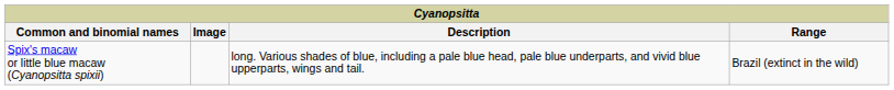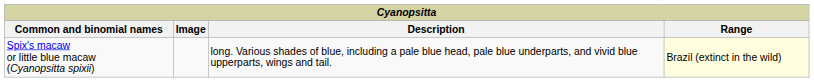 <table width = 98% class="wikitable">
 <tr>
 <th align="center" style="background-color: #D3D3A4" colspan ="4"><em>Cyanopsitta</em></th>
 </tr>
 <tr>
 <th width = "21%">Common and binomial names</th>
 <th>Image</th>
 <th align="center">Description</th>
 <th width = "18%">Range</th>
 </tr>
 <tr>
 <td><a href='#'>Spix's macaw</a><br>or little blue macaw<br>(<em>Cyanopsitta spixii</em>)</td>
 <td></td>
 <td> long. Various shades of blue, including a pale blue head, pale blue underparts, and vivid blue upperparts, wings and tail.</td>
-<td>Brazil (extinct in the wild)</td>
+<td style="background: lightyellow;">Brazil (extinct in the wild)</td>
 </tr>
 </table>
